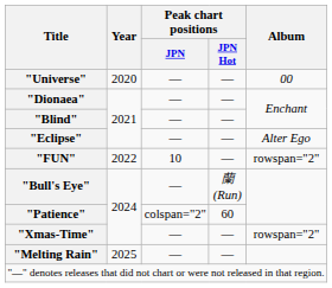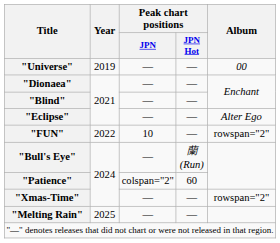 <table class="wikitable plainrowheaders" style="text-align:center;">
 <tr>
 <th scope="col" rowspan="2">Title</th>
 <th scope="col" rowspan="2">Year</th>
 <th scope="col" colspan="2">Peak chart positions</th>
 <th scope="col" rowspan="2">Album</th>
 </tr>
 <tr>
 <th scope="col" style="width:3em;font-size:85%;"><a href='#'>JPN</a><br></th>
 <th scope="col" style="width:3em;font-size:85%;"><a href='#'>JPN<br>Hot</a><br></th>
 </tr>
 <tr>
 <th scope="row">"Universe"</th>
-<td>2020</td>
+<td>2019</td>
 <td>—</td>
 <td>—</td>
 <td><em>00</em></td>
 </tr>
 <tr>
 <th scope="row">"Dionaea"</th>
 <td rowspan="3">2021</td>
 <td>—</td>
 <td>—</td>
 <td rowspan="2"><em>Enchant</em></td>
 </tr>
 <tr>
 <th scope="row">"Blind"</th>
 <td>—</td>
 <td>—</td>
 </tr>
 <tr>
 <th scope="row">"Eclipse"</th>
 <td>—</td>
 <td>—</td>
 <td><em>Alter Ego</em></td>
 </tr>
 <tr>
 <th scope="row">"FUN"</th>
 <td>2022</td>
 <td>10</td>
 <td>—</td>
 <td>rowspan="2" </td>
 </tr>
 <tr>
 <th scope="row">"Bull's Eye"</th>
 <td rowspan="3">2024</td>
 <td>—</td>
 <td><em>蘭 (Run)</em></td>
 </tr>
 <tr>
 <th scope="row">"Patience"</th>
 <td>colspan="2" </td>
 <td>60</td>
 </tr>
 <tr>
 <th scope="row">"Xmas-Time"</th>
 <td>—</td>
 <td>—</td>
 <td>rowspan="2" </td>
 </tr>
 <tr>
 <th scope="row">"Melting Rain"</th>
 <td>2025</td>
 <td>—</td>
 <td>—</td>
 </tr>
 <tr>
 <td colspan="7" style="font-size:85%;">"—" denotes releases that did not chart or were not released in that region.</td>
 </tr>
 </table>
